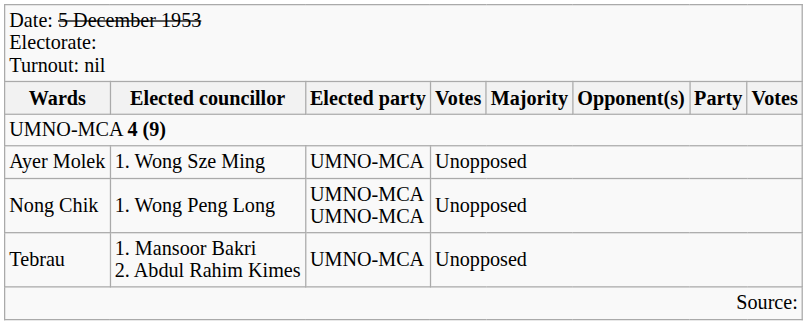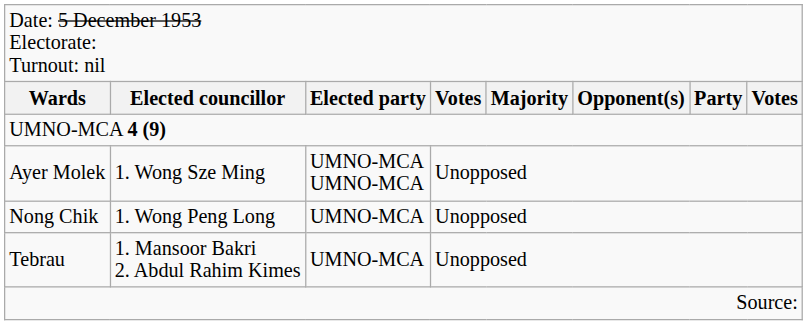 <table class=wikitable>
 <tr>
 <td colspan=8>Date: <s>5 December 1953</s><br>Electorate: <br>Turnout: nil</td>
 </tr>
 <tr>
 <th>Wards</th>
 <th>Elected councillor</th>
 <th>Elected party</th>
 <th>Votes</th>
 <th>Majority</th>
 <th>Opponent(s)</th>
 <th>Party</th>
 <th>Votes</th>
 </tr>
 <tr>
 <td colspan=8>UMNO-MCA <strong>4 (9)</strong> </td>
 </tr>
 <tr>
 <td>Ayer Molek</td>
 <td>1. Wong Sze Ming</td>
-<td>UMNO-MCA</td>
+<td>UMNO-MCA<br>UMNO-MCA</td>
 <td colspan=5>Unopposed</td>
 </tr>
 <tr>
 <td>Nong Chik</td>
 <td>1. Wong Peng Long</td>
-<td>UMNO-MCA<br>UMNO-MCA</td>
+<td>UMNO-MCA</td>
 <td colspan=5>Unopposed</td>
 </tr>
 <tr>
 <td>Tebrau</td>
 <td>1. Mansoor Bakri<br>2. Abdul Rahim Kimes</td>
 <td>UMNO-MCA</td>
 <td colspan=5>Unopposed</td>
 </tr>
 <tr>
 <td colspan=8 align=right>Source: </td>
 </tr>
 </table>
